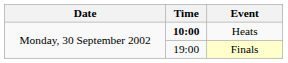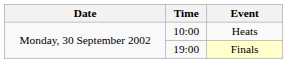 <table class = "wikitable" style="text-align:center;">
 <tr>
 <th width=220>Date</th>
 <th width=50>Time</th>
 <th width=100>Event</th>
 </tr>
 <tr>
 <td rowspan=2>Monday, 30 September 2002</td>
-<td><strong>10:00</strong></td>
+<td>10:00</td>
 <td>Heats</td>
 </tr>
 <tr>
 <td>19:00</td>
 <td bgcolor=ffffcc>Finals</td>
 </tr>
 </table>
